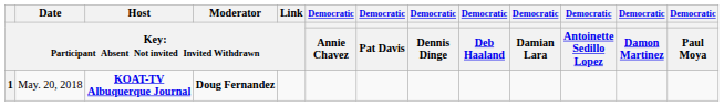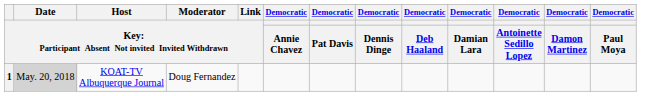 <table class="wikitable" style="text-align:center;">
 <tr>
 <th scope="col"></th>
 <th scope="col">Date</th>
 <th scope="col">Host</th>
 <th scope="col">Moderator</th>
 <th scope="col">Link</th>
 <th scope="col"><small><a href='#'>Democratic</a></small></th>
 <th scope="col"><small><a href='#'>Democratic</a></small></th>
 <th scope="col"><small><a href='#'>Democratic</a></small></th>
 <th scope="col"><small><a href='#'>Democratic</a></small></th>
 <th scope="col"><small><a href='#'>Democratic</a></small></th>
 <th scope="col"><small><a href='#'>Democratic</a></small></th>
 <th scope="col"><small><a href='#'>Democratic</a></small></th>
 <th scope="col"><small><a href='#'>Democratic</a></small></th>
 </tr>
 <tr>
 <th colspan="5" rowspan="2">Key:<br> <small>Participant </small>  <small>Absent </small>  <small>Not invited </small>  <small>Invited  Withdrawn</small></th>
 <th scope="col" style="background:"></th>
 <th scope="col" style="background:"></th>
 <th scope="col" style="background:"></th>
 <th scope="col" style="background:"></th>
 <th scope="col" style="background:"></th>
 <th scope="col" style="background:"></th>
 <th scope="col" style="background:"></th>
 <th scope="col" style="background:"></th>
 </tr>
 <tr>
 <th scope="col">Annie Chavez</th>
 <th scope="col">Pat Davis</th>
 <th scope="col">Dennis Dinge</th>
 <th scope="col"><a href='#'>Deb Haaland</a></th>
 <th scope="col">Damian Lara</th>
 <th scope="col"><a href='#'>Antoinette Sedillo Lopez</a></th>
 <th scope="col"><a href='#'>Damon Martinez</a></th>
 <th scope="col">Paul Moya</th>
 </tr>
 <tr>
 <th>1</th>
-<td style="white-space:nowrap;">May. 20, 2018</td>
-<td style="white-space:nowrap;"><strong><a href='#'>KOAT-TV</a><br><a href='#'>Albuquerque Journal</a></strong></td>
-<td style="white-space:nowrap;"><strong>Doug Fernandez</strong></td>
+<td style="background: lightgrey; white-space:nowrap;">May. 20, 2018</td>
+<td style="white-space:nowrap;"><a href='#'>KOAT-TV</a><br><a href='#'>Albuquerque Journal</a></td>
+<td style="white-space:nowrap;">Doug Fernandez</td>
 <td style="white-space:nowrap;"></td>
 <td></td>
 <td></td>
 <td></td>
 <td></td>
 <td></td>
 <td></td>
 <td></td>
 <td></td>
 </tr>
 </table>
